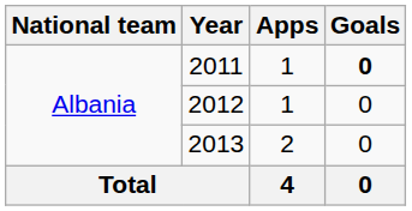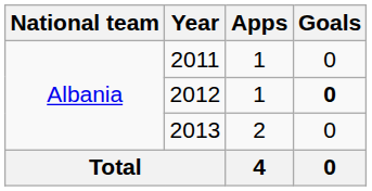 <table class="wikitable" style="text-align:center">
 <tr>
 <th>National team</th>
 <th>Year</th>
 <th>Apps</th>
 <th>Goals</th>
 </tr>
 <tr>
 <td rowspan="3"><a href='#'>Albania</a></td>
 <td>2011</td>
 <td>1</td>
-<td><strong>0</strong></td>
+<td>0</td>
 </tr>
 <tr>
 <td>2012</td>
 <td>1</td>
-<td>0</td>
+<td><strong>0</strong></td>
 </tr>
 <tr>
 <td>2013</td>
 <td>2</td>
 <td>0</td>
 </tr>
 <tr>
 <th colspan="2">Total</th>
 <th>4</th>
 <th>0</th>
 </tr>
 </table>
